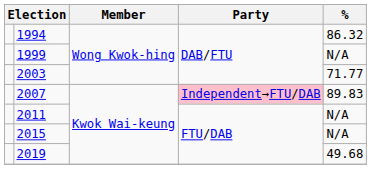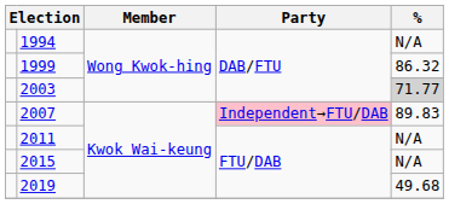 <table class="wikitable">
 <tr>
 <th colspan="2">Election</th>
 <th>Member</th>
 <th>Party</th>
 <th>%</th>
 </tr>
 <tr>
 <td style="background-color: "></td>
 <td><a href='#'>1994</a></td>
 <td rowspan=3><a href='#'>Wong Kwok-hing</a></td>
 <td rowspan=3><a href='#'>DAB</a>/<a href='#'>FTU</a></td>
+<td>N/A</td>
+</tr>
+<tr>
+<td style="background-color: "></td>
+<td><a href='#'>1999</a></td>
 <td>86.32</td>
 </tr>
 <tr>
 <td style="background-color: "></td>
-<td><a href='#'>1999</a></td>
-<td>N/A</td>
-</tr>
-<tr>
-<td style="background-color: "></td>
 <td><a href='#'>2003</a></td>
-<td>71.77</td>
+<td style="background: lightgrey;">71.77</td>
 </tr>
 <tr>
 <td style="background-color: "></td>
 <td><a href='#'>2007</a></td>
 <td rowspan=4><a href='#'>Kwok Wai-keung</a></td>
 <td style="background: pink;"><a href='#'>Independent</a>→<a href='#'>FTU</a>/<a href='#'>DAB</a></td>
 <td>89.83</td>
 </tr>
 <tr>
 <td style="background-color: "></td>
 <td><a href='#'>2011</a></td>
 <td rowspan=3><a href='#'>FTU</a>/<a href='#'>DAB</a></td>
 <td>N/A</td>
 </tr>
 <tr>
 <td style="background-color: "></td>
 <td><a href='#'>2015</a></td>
 <td>N/A</td>
 </tr>
 <tr>
 <td style="background-color: "></td>
 <td><a href='#'>2019</a></td>
 <td>49.68</td>
 </tr>
 <tr>
 </tr>
 </table>
